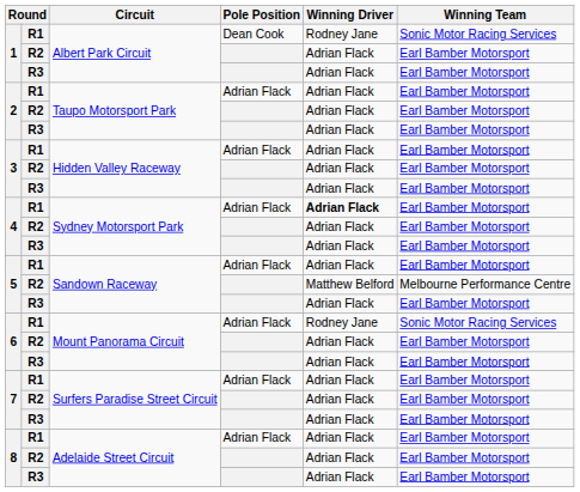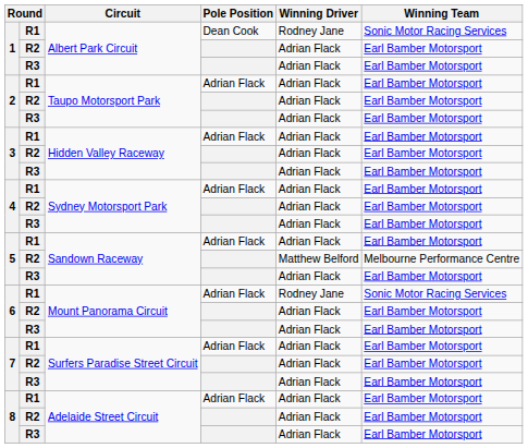 <table class="wikitable" style=font-size:85%;>
 <tr>
 <th colspan="2">Round</th>
 <th>Circuit</th>
 <th>Pole Position</th>
 <th>Winning Driver</th>
 <th>Winning Team</th>
 </tr>
 <tr>
 <th rowspan="3">1</th>
 <th>R1</th>
 <td rowspan="3"> <a href='#'>Albert Park Circuit</a></td>
 <td> Dean Cook</td>
 <td> Rodney Jane</td>
 <td> <a href='#'>Sonic Motor Racing Services</a></td>
 </tr>
 <tr>
 <th>R2</th>
 <th></th>
 <td> Adrian Flack</td>
 <td> <a href='#'>Earl Bamber Motorsport</a></td>
 </tr>
 <tr>
 <th>R3</th>
 <th></th>
 <td> Adrian Flack</td>
 <td> <a href='#'>Earl Bamber Motorsport</a></td>
 </tr>
 <tr>
 <th rowspan="3">2</th>
 <th>R1</th>
 <td rowspan="3"> <a href='#'>Taupo Motorsport Park</a></td>
 <td> Adrian Flack</td>
 <td> Adrian Flack</td>
 <td> <a href='#'>Earl Bamber Motorsport</a></td>
 </tr>
 <tr>
 <th>R2</th>
 <th></th>
 <td> Adrian Flack</td>
 <td> <a href='#'>Earl Bamber Motorsport</a></td>
 </tr>
 <tr>
 <th>R3</th>
 <th></th>
 <td> Adrian Flack</td>
 <td> <a href='#'>Earl Bamber Motorsport</a></td>
 </tr>
 <tr>
 <th rowspan="3">3</th>
 <th>R1</th>
 <td rowspan="3"> <a href='#'>Hidden Valley Raceway</a></td>
 <td> Adrian Flack</td>
 <td> Adrian Flack</td>
 <td> <a href='#'>Earl Bamber Motorsport</a></td>
 </tr>
 <tr>
 <th>R2</th>
 <th></th>
 <td> Adrian Flack</td>
 <td> <a href='#'>Earl Bamber Motorsport</a></td>
 </tr>
 <tr>
 <th>R3</th>
 <th></th>
 <td> Adrian Flack</td>
 <td> <a href='#'>Earl Bamber Motorsport</a></td>
 </tr>
 <tr>
 <th rowspan="3">4</th>
 <th>R1</th>
 <td rowspan="3"> <a href='#'>Sydney Motorsport Park</a></td>
 <td> Adrian Flack</td>
-<td><strong> Adrian Flack</strong></td>
+<td> Adrian Flack</td>
 <td> <a href='#'>Earl Bamber Motorsport</a></td>
 </tr>
 <tr>
 <th>R2</th>
 <th></th>
 <td> Adrian Flack</td>
 <td> <a href='#'>Earl Bamber Motorsport</a></td>
 </tr>
 <tr>
 <th>R3</th>
 <th></th>
 <td> Adrian Flack</td>
 <td> <a href='#'>Earl Bamber Motorsport</a></td>
 </tr>
 <tr>
 <th rowspan="3">5</th>
 <th>R1</th>
 <td rowspan="3"> <a href='#'>Sandown Raceway</a></td>
 <td> Adrian Flack</td>
 <td> Adrian Flack</td>
 <td> <a href='#'>Earl Bamber Motorsport</a></td>
 </tr>
 <tr>
 <th>R2</th>
 <th></th>
 <td> Matthew Belford</td>
 <td> Melbourne Performance Centre</td>
 </tr>
 <tr>
 <th>R3</th>
 <th></th>
 <td> Adrian Flack</td>
 <td> <a href='#'>Earl Bamber Motorsport</a></td>
 </tr>
 <tr>
 <th rowspan="3">6</th>
 <th>R1</th>
 <td rowspan="3"> <a href='#'>Mount Panorama Circuit</a></td>
 <td> Adrian Flack</td>
 <td> Rodney Jane</td>
 <td> <a href='#'>Sonic Motor Racing Services</a></td>
 </tr>
 <tr>
 <th>R2</th>
 <th></th>
 <td> Adrian Flack</td>
 <td> <a href='#'>Earl Bamber Motorsport</a></td>
 </tr>
 <tr>
 <th>R3</th>
 <th></th>
 <td> Adrian Flack</td>
 <td> <a href='#'>Earl Bamber Motorsport</a></td>
 </tr>
 <tr>
 <th rowspan="3">7</th>
 <th>R1</th>
 <td rowspan="3"> <a href='#'>Surfers Paradise Street Circuit</a></td>
 <td> Adrian Flack</td>
 <td> Adrian Flack</td>
 <td> <a href='#'>Earl Bamber Motorsport</a></td>
 </tr>
 <tr>
 <th>R2</th>
 <th></th>
 <td> Adrian Flack</td>
 <td> <a href='#'>Earl Bamber Motorsport</a></td>
 </tr>
 <tr>
 <th>R3</th>
 <th></th>
 <td> Adrian Flack</td>
 <td> <a href='#'>Earl Bamber Motorsport</a></td>
 </tr>
 <tr>
 <th rowspan="3">8</th>
 <th>R1</th>
 <td rowspan="3"> <a href='#'>Adelaide Street Circuit</a></td>
 <td> Adrian Flack</td>
 <td> Adrian Flack</td>
 <td> <a href='#'>Earl Bamber Motorsport</a></td>
 </tr>
 <tr>
 <th>R2</th>
 <th></th>
 <td> Adrian Flack</td>
 <td> <a href='#'>Earl Bamber Motorsport</a></td>
 </tr>
 <tr>
 <th>R3</th>
 <th></th>
 <td> Adrian Flack</td>
 <td> <a href='#'>Earl Bamber Motorsport</a></td>
 </tr>
 </table>
